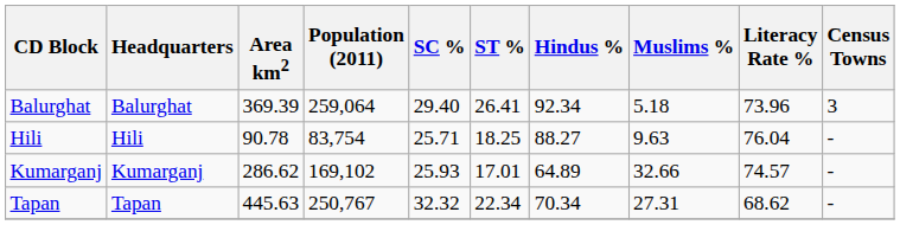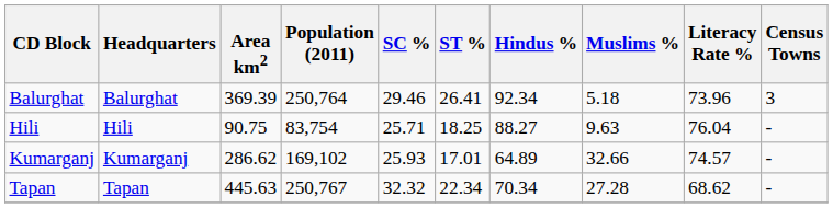 <table class="wikitable sortable">
 <tr>
 <th>CD Block</th>
 <th>Headquarters</th>
 <th><br>Area<br>km<sup>2</sup></th>
 <th>Population<br>(2011)</th>
 <th><a href='#'>SC</a> %</th>
 <th><a href='#'>ST</a> %</th>
 <th><a href='#'>Hindus</a> %</th>
 <th><a href='#'>Muslims</a> %</th>
 <th>Literacy<br> Rate %</th>
 <th>Census<br>Towns</th>
 </tr>
 <tr>
 <td><a href='#'>Balurghat</a></td>
 <td><a href='#'>Balurghat</a></td>
 <td>369.39</td>
-<td>259,064</td>
-<td>29.40</td>
+<td>250,764</td>
+<td>29.46</td>
 <td>26.41</td>
 <td>92.34</td>
 <td>5.18</td>
 <td>73.96</td>
 <td>3</td>
 </tr>
 <tr>
 <td><a href='#'>Hili</a></td>
 <td><a href='#'>Hili</a></td>
-<td>90.78</td>
+<td>90.75</td>
 <td>83,754</td>
 <td>25.71</td>
 <td>18.25</td>
 <td>88.27</td>
 <td>9.63</td>
 <td>76.04</td>
 <td>-</td>
 </tr>
 <tr>
 <td><a href='#'>Kumarganj</a></td>
 <td><a href='#'>Kumarganj</a></td>
 <td>286.62</td>
 <td>169,102</td>
 <td>25.93</td>
 <td>17.01</td>
 <td>64.89</td>
 <td>32.66</td>
 <td>74.57</td>
 <td>-</td>
 </tr>
 <tr>
 <td><a href='#'>Tapan</a></td>
 <td><a href='#'>Tapan</a></td>
 <td>445.63</td>
 <td>250,767</td>
 <td>32.32</td>
 <td>22.34</td>
 <td>70.34</td>
-<td>27.31</td>
+<td>27.28</td>
 <td>68.62</td>
 <td>-</td>
 </tr>
 <tr>
 </tr>
 </table>
